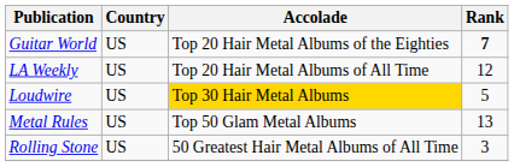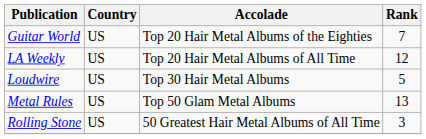 <table class="wikitable">
 <tr>
 <th>Publication</th>
 <th>Country</th>
 <th>Accolade</th>
 <th>Rank</th>
 </tr>
 <tr>
 <td><em><a href='#'>Guitar World</a></em></td>
 <td>US</td>
 <td>Top 20 Hair Metal Albums of the Eighties</td>
-<td align="center"><strong>7</strong></td>
+<td align="center">7</td>
 </tr>
 <tr>
 <td><em><a href='#'>LA Weekly</a></em></td>
 <td>US</td>
 <td>Top 20 Hair Metal Albums of All Time</td>
 <td align="center">12</td>
 </tr>
 <tr>
 <td><em><a href='#'>Loudwire</a></em></td>
 <td>US</td>
-<td style="background: gold;">Top 30 Hair Metal Albums</td>
+<td>Top 30 Hair Metal Albums</td>
 <td align="center">5</td>
 </tr>
 <tr>
 <td><em><a href='#'>Metal Rules</a></em></td>
 <td>US</td>
 <td>Top 50 Glam Metal Albums</td>
 <td align="center">13</td>
 </tr>
 <tr>
 <td><em><a href='#'>Rolling Stone</a></em></td>
 <td>US</td>
 <td>50 Greatest Hair Metal Albums of All Time</td>
 <td align="center">3</td>
 </tr>
 <tr>
 </tr>
 </table>
